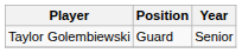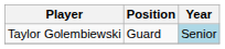 <table class="wikitable" border="1">
 <tr align=center>
 <th style= >Player</th>
 <th style= >Position</th>
 <th style= >Year</th>
 </tr>
 <tr>
 <td>Taylor Golembiewski</td>
 <td>Guard</td>
-<td>Senior</td>
+<td style="background: lightblue;">Senior</td>
 </tr>
 <tr>
 </tr>
 </table>
